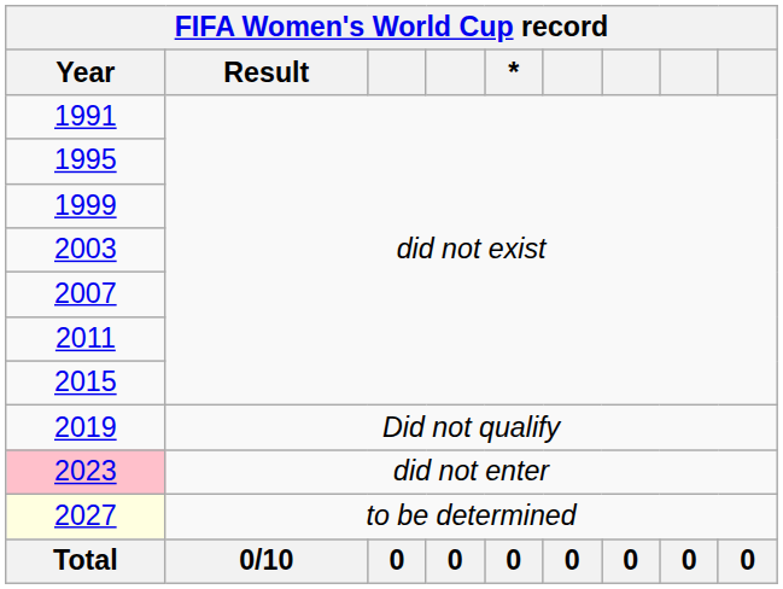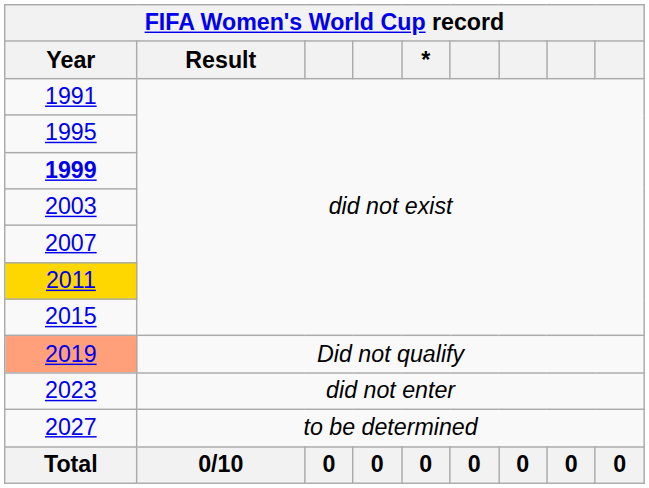 <table class="wikitable" style="text-align: center; width:50%;">
 <tr>
 <th colspan=10><a href='#'>FIFA Women's World Cup</a> record</th>
 </tr>
 <tr>
 <th>Year</th>
 <th>Result</th>
 <th></th>
 <th></th>
 <th>*</th>
 <th></th>
 <th></th>
 <th></th>
 <th></th>
 </tr>
 <tr>
 <td> <a href='#'>1991</a></td>
 <td rowspan=7 colspan=8><em>did not exist</em></td>
 </tr>
 <tr>
 <td> <a href='#'>1995</a></td>
 </tr>
 <tr>
-<td> <a href='#'>1999</a></td>
+<td><strong> <a href='#'>1999</a></strong></td>
 </tr>
 <tr>
 <td> <a href='#'>2003</a></td>
 </tr>
 <tr>
 <td> <a href='#'>2007</a></td>
 </tr>
 <tr>
-<td> <a href='#'>2011</a></td>
+<td style="background: gold;"> <a href='#'>2011</a></td>
 </tr>
 <tr>
 <td> <a href='#'>2015</a></td>
 </tr>
 <tr>
-<td> <a href='#'>2019</a></td>
+<td style="background: lightsalmon;"> <a href='#'>2019</a></td>
 <td colspan=8><em>Did not qualify</em></td>
 </tr>
 <tr>
-<td style="background: pink;"> <a href='#'>2023</a></td>
+<td> <a href='#'>2023</a></td>
 <td colspan=8><em>did not enter</em></td>
 </tr>
 <tr>
-<td style="background: lightyellow;"> <a href='#'>2027</a></td>
+<td> <a href='#'>2027</a></td>
 <td colspan=8><em>to be determined</em></td>
 </tr>
 <tr>
 <th>Total</th>
 <th>0/10</th>
 <th>0</th>
 <th>0</th>
 <th>0</th>
 <th>0</th>
 <th>0</th>
 <th>0</th>
 <th>0</th>
 </tr>
 </table>
